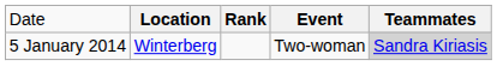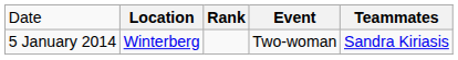 <table class="wikitable sortable" style="font-size:90%" style="text-align:center">
 <tr>
 <td>Date</td>
 <th>Location</th>
 <th>Rank</th>
 <th>Event</th>
 <th>Teammates</th>
 </tr>
 <tr>
 <td>5 January 2014</td>
 <td><a href='#'>Winterberg</a></td>
 <td></td>
 <td>Two-woman</td>
-<td style="background: lightgrey;"><a href='#'>Sandra Kiriasis</a></td>
+<td><a href='#'>Sandra Kiriasis</a></td>
 </tr>
 </table>
